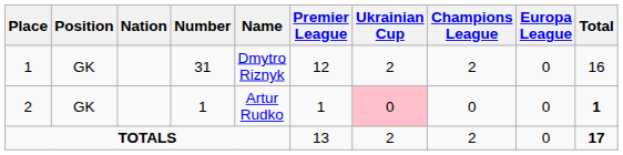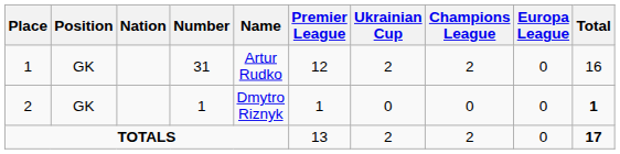 <table class="wikitable" style="font-size: 95%; text-align: center;">
 <tr>
 <th width=20>Place</th>
 <th width=20>Position</th>
 <th width=20>Nation</th>
 <th width=20>Number</th>
 <th width=150>Name</th>
 <th width=150><a href='#'>Premier League</a></th>
 <th width=150><a href='#'>Ukrainian Cup</a></th>
 <th width=150><a href='#'>Champions League</a></th>
 <th width=150><a href='#'>Europa League</a></th>
 <th width=80>Total</th>
 </tr>
 <tr>
 <td>1</td>
 <td>GK</td>
 <td></td>
 <td>31</td>
-<td><a href='#'>Dmytro Riznyk</a></td>
+<td><a href='#'>Artur Rudko</a></td>
 <td>12</td>
 <td>2</td>
 <td>2</td>
 <td>0</td>
 <td>16</td>
 </tr>
 <tr>
 <td>2</td>
 <td>GK</td>
 <td></td>
 <td>1</td>
-<td><a href='#'>Artur Rudko</a></td>
+<td><a href='#'>Dmytro Riznyk</a></td>
 <td>1</td>
-<td style="background: pink;">0</td>
+<td>0</td>
 <td>0</td>
 <td>0</td>
 <td><strong>1</strong></td>
 </tr>
 <tr>
 <td colspan="5"><strong>TOTALS</strong></td>
 <td>13</td>
 <td>2</td>
 <td>2</td>
 <td>0</td>
 <td><strong>17</strong></td>
 </tr>
 </table>
